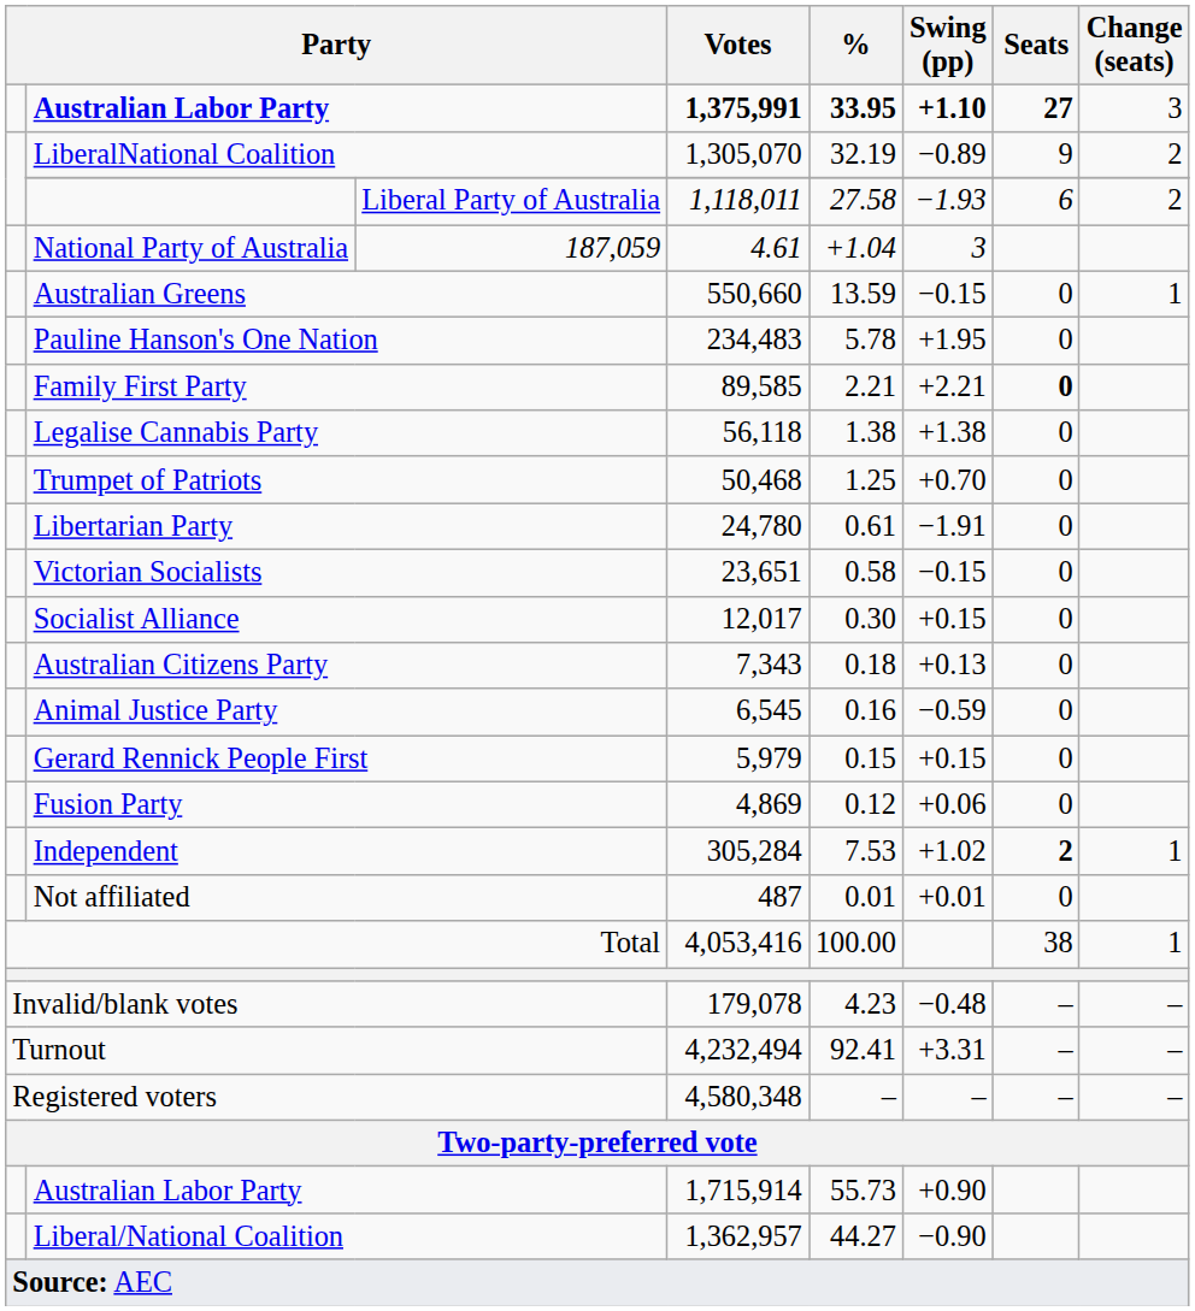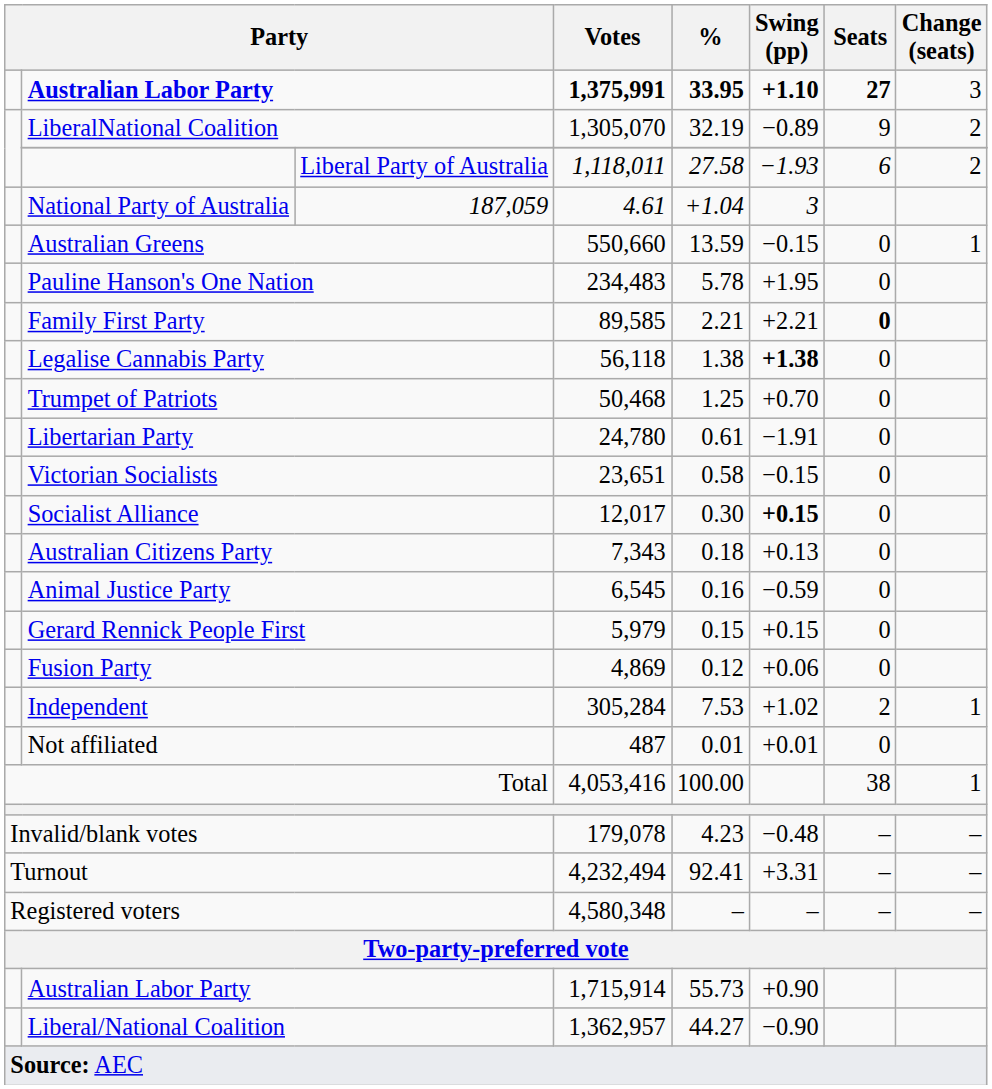 <table class="wikitable" style="text-align:right;  margin-bottom:0">
 <tr>
 <th style="width:200px" colspan=3>Party</th>
 <th style="width:70px;">Votes</th>
 <th style="width:40px;">%</th>
 <th style="width:40px;">Swing (pp)</th>
 <th style="width:40px;">Seats</th>
 <th style="width:40px;">Change (seats)</th>
 </tr>
 <tr>
 <td> </td>
 <td style="text-align:left;" colspan="2"><strong><a href='#'>Australian Labor Party</a></strong></td>
 <td align=right><strong>1,375,991</strong></td>
 <td align=right><strong>33.95</strong></td>
 <td align=right><strong>+1.10</strong></td>
 <td align=right><strong>27</strong></td>
 <td align=right> 3</td>
 </tr>
 <tr>
 <td rowspan="3" ></td>
 <td colspan="2" align=left><a href='#'>LiberalNational Coalition</a></td>
 <td>1,305,070</td>
 <td>32.19</td>
 <td>−0.89</td>
 <td>9</td>
 <td> 2</td>
 </tr>
 <tr>
 </tr>
 <tr>
 <td> </td>
 <td align=left><a href='#'>Liberal Party of Australia</a></td>
 <td><em>1,118,011</em></td>
 <td><em>27.58</em></td>
 <td><em>−1.93</em></td>
 <td><em>6</em></td>
 <td> 2</td>
 </tr>
 <tr>
 <td> </td>
 <td align=left><a href='#'>National Party of Australia</a></td>
 <td><em>187,059</em></td>
 <td><em>4.61</em></td>
 <td><em>+1.04</em></td>
 <td><em>3</em></td>
 <td></td>
 </tr>
 <tr>
 <td> </td>
 <td style="text-align:left;" colspan="2"><a href='#'>Australian Greens</a></td>
 <td align=right>550,660</td>
 <td align=right>13.59</td>
 <td align=right>−0.15</td>
 <td align=right>0</td>
 <td align=right> 1</td>
 </tr>
 <tr>
 <td> </td>
 <td style="text-align:left;" colspan="2"><a href='#'>Pauline Hanson's One Nation</a></td>
 <td align=right>234,483</td>
 <td align=right>5.78</td>
 <td align=right>+1.95</td>
 <td align=right>0</td>
 <td align=right></td>
 </tr>
 <tr>
 <td> </td>
 <td style="text-align:left;" colspan="2"><a href='#'>Family First Party</a></td>
 <td align=right>89,585</td>
 <td align=right>2.21</td>
 <td align=right>+2.21</td>
 <td align=right><strong>0</strong></td>
 <td align=right></td>
 </tr>
 <tr>
 <td> </td>
 <td style="text-align:left;" colspan="2"><a href='#'>Legalise Cannabis Party</a></td>
 <td align=right>56,118</td>
 <td align=right>1.38</td>
-<td align=right>+1.38</td>
+<td align=right><strong>+1.38</strong></td>
 <td align=right>0</td>
 <td align=right></td>
 </tr>
 <tr>
 <td> </td>
 <td style="text-align:left;" colspan="2"><a href='#'>Trumpet of Patriots</a></td>
 <td align=right>50,468</td>
 <td align=right>1.25</td>
 <td align=right>+0.70</td>
 <td align=right>0</td>
 <td align=right></td>
 </tr>
 <tr>
 <td> </td>
 <td style="text-align:left;" colspan="2"><a href='#'>Libertarian Party</a></td>
 <td align=right>24,780</td>
 <td align=right>0.61</td>
 <td align=right>−1.91</td>
 <td align=right>0</td>
 <td align=right></td>
 </tr>
 <tr>
 <td> </td>
 <td style="text-align:left;" colspan="2"><a href='#'>Victorian Socialists</a></td>
 <td align=right>23,651</td>
 <td align=right>0.58</td>
 <td align=right>−0.15</td>
 <td align=right>0</td>
 <td align=right></td>
 </tr>
 <tr>
 <td> </td>
 <td style="text-align:left;" colspan="2"><a href='#'>Socialist Alliance</a></td>
 <td align=right>12,017</td>
 <td align=right>0.30</td>
-<td align=right>+0.15</td>
+<td align=right><strong>+0.15</strong></td>
 <td align=right>0</td>
 <td align=right></td>
 </tr>
 <tr>
 <td> </td>
 <td style="text-align:left;" colspan="2"><a href='#'>Australian Citizens Party</a></td>
 <td align=right>7,343</td>
 <td align=right>0.18</td>
 <td align=right>+0.13</td>
 <td align=right>0</td>
 <td align=right></td>
 </tr>
 <tr>
 <td> </td>
 <td style="text-align:left;" colspan="2"><a href='#'>Animal Justice Party</a></td>
 <td align=right>6,545</td>
 <td align=right>0.16</td>
 <td align=right>−0.59</td>
 <td align=right>0</td>
 <td align=right></td>
 </tr>
 <tr>
 <td> </td>
 <td style="text-align:left;" colspan="2"><a href='#'>Gerard Rennick People First</a></td>
 <td align=right>5,979</td>
 <td align=right>0.15</td>
 <td align=right>+0.15</td>
 <td align=right>0</td>
 <td align=right></td>
 </tr>
 <tr>
 <td> </td>
 <td style="text-align:left;" colspan="2"><a href='#'>Fusion Party</a></td>
 <td align=right>4,869</td>
 <td align=right>0.12</td>
 <td align=right>+0.06</td>
 <td align=right>0</td>
 <td align=right></td>
 </tr>
 <tr>
 <td> </td>
 <td style="text-align:left;" colspan="2"><a href='#'>Independent</a></td>
 <td align=right>305,284</td>
 <td align=right>7.53</td>
 <td align=right>+1.02</td>
-<td align=right><strong>2</strong></td>
+<td align=right>2</td>
 <td align=right> 1</td>
 </tr>
 <tr>
 <td> </td>
 <td style="text-align:left;" colspan="2">Not affiliated</td>
 <td align=right>487</td>
 <td align=right>0.01</td>
 <td align=right>+0.01</td>
 <td align=right>0</td>
 <td align=right></td>
 </tr>
 <tr>
 <td colspan="3" align="right">Total</td>
 <td>4,053,416</td>
 <td>100.00</td>
 <td></td>
 <td>38</td>
 <td> 1</td>
 </tr>
 <tr>
 <th colspan="9"></th>
 </tr>
 <tr>
 <td style="text-align:left;" colspan="3">Invalid/blank votes</td>
 <td>179,078</td>
 <td>4.23</td>
 <td>−0.48</td>
 <td>–</td>
 <td>–</td>
 </tr>
 <tr>
 <td style="text-align:left;" colspan="3">Turnout</td>
 <td>4,232,494</td>
 <td>92.41</td>
 <td>+3.31</td>
 <td>–</td>
 <td>–</td>
 </tr>
 <tr>
 <td colspan="3" style="text-align:left;">Registered voters</td>
 <td>4,580,348</td>
 <td>–</td>
 <td>–</td>
 <td>–</td>
 <td>–</td>
 </tr>
 <tr>
 <th colspan="8"><a href='#'>Two-party-preferred vote</a></th>
 </tr>
 <tr>
 <td></td>
 <td colspan="2" style="text-align:left;"><a href='#'>Australian Labor Party</a></td>
 <td>1,715,914</td>
 <td>55.73</td>
 <td>+0.90</td>
 <td></td>
 <td></td>
 </tr>
 <tr>
 <td></td>
 <td colspan="2" style="text-align:left;"><a href='#'>Liberal/National Coalition</a></td>
 <td>1,362,957</td>
 <td>44.27</td>
 <td>−0.90</td>
 <td></td>
 <td></td>
 </tr>
 <tr>
 <td style="text-align:left; background-color:#eaecf0" colspan="8"><strong>Source:</strong> <a href='#'>AEC</a></td>
 </tr>
 </table>
